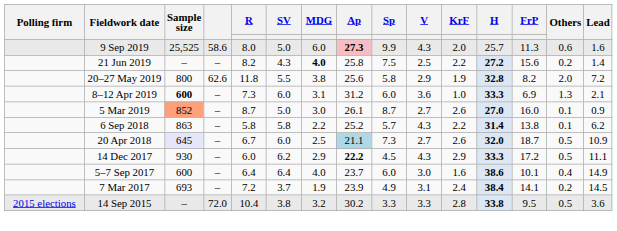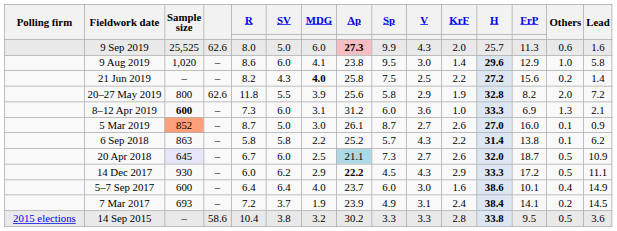 <table class="wikitable sortable" style="text-align:center;font-size:90%;line-height:14px;">
 <tr style="height:40px;">
 <th style="width:100px;" rowspan="2">Polling firm</th>
 <th style="width:100px;" rowspan="2">Fieldwork date</th>
 <th style="width:35px;" rowspan="2">Sample<br>size</th>
 <th style="width:30px;" rowspan="2"></th>
 <th class="unsortable" style="width:40px;"><a href='#'>R</a></th>
 <th class="unsortable" style="width:40px;"><a href='#'>SV</a></th>
 <th class="unsortable" style="width:40px;"><a href='#'>MDG</a></th>
 <th class="unsortable" style="width:40px;"><a href='#'>Ap</a></th>
 <th class="unsortable" style="width:40px;"><a href='#'>Sp</a></th>
 <th class="unsortable" style="width:40px;"><a href='#'>V</a></th>
 <th class="unsortable" style="width:40px;"><a href='#'>KrF</a></th>
 <th class="unsortable" style="width:40px;"><a href='#'>H</a></th>
 <th class="unsortable" style="width:40px;"><a href='#'>FrP</a></th>
 <th class="unsortable" style="width:30px;" rowspan="2">Others</th>
 <th style="width:30px;" rowspan="2">Lead</th>
 </tr>
 <tr>
 <th style="background:"></th>
 <th style="background:"></th>
 <th style="background:"></th>
 <th style="background:"></th>
 <th style="background:"></th>
 <th style="background:"></th>
 <th style="background:"></th>
 <th style="background:"></th>
 <th style="background:"></th>
 </tr>
 <tr style="background:#E9E9E9;">
 <td></td>
 <td data-sort-value="2019-09-09">9 Sep 2019</td>
 <td>25,525</td>
-<td>58.6</td>
+<td>62.6</td>
 <td>8.0</td>
 <td>5.0</td>
 <td>6.0</td>
 <td style="background:#F7BDC5;"><strong>27.3</strong></td>
 <td>9.9</td>
 <td>4.3</td>
 <td>2.0</td>
 <td>25.7</td>
 <td>11.3</td>
 <td>0.6</td>
 <td style="background:">1.6</td>
+</tr>
+<tr>
+<td></td>
+<td data-sort-value="2019-08-09">9 Aug 2019</td>
+<td>1,020</td>
+<td>–</td>
+<td>8.6</td>
+<td>6.0</td>
+<td>4.1</td>
+<td>23.8</td>
+<td>9.5</td>
+<td>3.0</td>
+<td>1.4</td>
+<td style="background:#DCE7F3;"><strong>29.6</strong></td>
+<td>12.9</td>
+<td>1.0</td>
+<td style="background:">5.8</td>
 </tr>
 <tr>
 <td></td>
 <td data-sort-value="2019-06-21">21 Jun 2019</td>
 <td>–</td>
 <td>–</td>
 <td>8.2</td>
 <td>4.3</td>
 <td><strong>4.0</strong></td>
 <td>25.8</td>
 <td>7.5</td>
 <td>2.5</td>
 <td>2.2</td>
 <td style="background:#DCE7F3;"><strong>27.2</strong></td>
 <td>15.6</td>
 <td>0.2</td>
 <td style="background:">1.4</td>
 </tr>
 <tr>
 <td></td>
 <td data-sort-value="2019-05-27">20–27 May 2019</td>
 <td>800</td>
 <td>62.6</td>
 <td>11.8</td>
 <td>5.5</td>
-<td>3.8</td>
+<td>3.9</td>
 <td>25.6</td>
 <td>5.8</td>
 <td>2.9</td>
 <td>1.9</td>
 <td style="background:#DCE7F3;"><strong>32.8</strong></td>
 <td>8.2</td>
 <td>2.0</td>
 <td style="background:">7.2</td>
 </tr>
 <tr>
 <td></td>
 <td data-sort-value="2019-04-12">8–12 Apr 2019</td>
 <td><strong>600</strong></td>
 <td>–</td>
 <td>7.3</td>
 <td>6.0</td>
 <td>3.1</td>
 <td>31.2</td>
 <td>6.0</td>
 <td>3.6</td>
 <td>1.0</td>
 <td style="background:#DCE7F3;"><strong>33.3</strong></td>
 <td>6.9</td>
 <td>1.3</td>
 <td style="background:">2.1</td>
 </tr>
 <tr>
 <td></td>
 <td data-sort-value="2019-03-05">5 Mar 2019</td>
 <td style="background: lightsalmon;">852</td>
 <td>–</td>
 <td>8.7</td>
 <td>5.0</td>
 <td>3.0</td>
 <td>26.1</td>
 <td>8.7</td>
 <td>2.7</td>
 <td>2.6</td>
 <td style="background:#DCE7F3;"><strong>27.0</strong></td>
 <td>16.0</td>
 <td>0.1</td>
 <td style="background:">0.9</td>
 </tr>
 <tr>
 <td></td>
 <td data-sort-value="2018-09-06">6 Sep 2018</td>
 <td>863</td>
 <td>–</td>
 <td>5.8</td>
 <td>5.8</td>
 <td>2.2</td>
 <td>25.2</td>
 <td>5.7</td>
 <td>4.3</td>
 <td>2.2</td>
 <td style="background:#DCE7F3;"><strong>31.4</strong></td>
 <td>13.8</td>
 <td>0.1</td>
 <td style="background:">6.2</td>
 </tr>
 <tr>
 <td></td>
 <td data-sort-value="2018-04-20">20 Apr 2018</td>
 <td style="background: lavender;">645</td>
 <td>–</td>
 <td>6.7</td>
 <td>6.0</td>
 <td>2.5</td>
 <td style="background: lightblue;">21.1</td>
 <td>7.3</td>
 <td>2.7</td>
 <td>2.6</td>
 <td style="background:#DCE7F3;"><strong>32.0</strong></td>
 <td>18.7</td>
 <td>0.5</td>
 <td style="background:">10.9</td>
 </tr>
 <tr>
 <td></td>
 <td data-sort-value="2017-12-14">14 Dec 2017</td>
 <td>930</td>
 <td>–</td>
 <td>6.0</td>
 <td>6.2</td>
 <td>2.9</td>
 <td><strong>22.2</strong></td>
 <td>4.5</td>
 <td>4.3</td>
 <td>2.9</td>
 <td style="background:#DCE7F3;"><strong>33.3</strong></td>
 <td>17.2</td>
 <td>0.5</td>
 <td style="background:">11.1</td>
 </tr>
 <tr>
 <td></td>
 <td data-sort-value="2017-09-07">5–7 Sep 2017</td>
 <td>600</td>
 <td>–</td>
 <td>6.4</td>
 <td>6.4</td>
 <td>4.0</td>
 <td>23.7</td>
 <td>6.0</td>
 <td>3.0</td>
 <td>1.6</td>
 <td style="background:#DCE7F3;"><strong>38.6</strong></td>
 <td>10.1</td>
 <td>0.4</td>
 <td style="background:">14.9</td>
 </tr>
 <tr>
 <td></td>
 <td data-sort-value="2017-03-07">7 Mar 2017</td>
 <td>693</td>
 <td>–</td>
 <td>7.2</td>
 <td>3.7</td>
 <td>1.9</td>
 <td>23.9</td>
 <td>4.9</td>
 <td>3.1</td>
 <td>2.4</td>
 <td style="background:#DCE7F3;"><strong>38.4</strong></td>
 <td>14.1</td>
 <td>0.2</td>
 <td style="background:">14.5</td>
 </tr>
 <tr style="background:#E9E9E9;">
 <td><a href='#'>2015 elections</a></td>
 <td data-sort-value="2015-09-14">14 Sep 2015</td>
 <td>–</td>
-<td>72.0</td>
+<td>58.6</td>
 <td>10.4</td>
 <td>3.8</td>
 <td>3.2</td>
 <td>30.2</td>
 <td>3.3</td>
 <td>3.3</td>
 <td>2.8</td>
 <td style="background:#DCE7F3;"><strong>33.8</strong></td>
 <td>9.5</td>
 <td>0.5</td>
 <td style="background:">3.6</td>
 </tr>
 </table>
